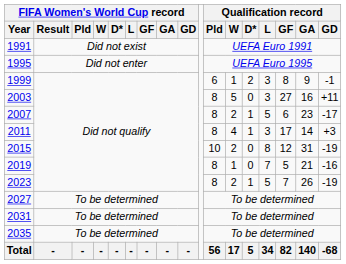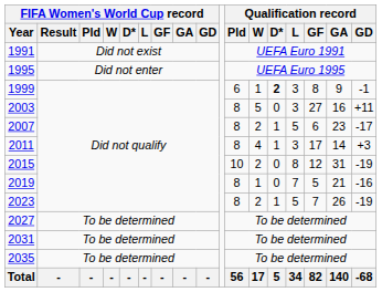 <table class="wikitable" style="text-align: center;">
 <tr>
 <th colspan=9><a href='#'>FIFA Women's World Cup</a> record</th>
 <td rowspan=15></td>
 <th colspan=7>Qualification record</th>
 </tr>
 <tr>
 <th>Year</th>
 <th>Result</th>
 <th>Pld</th>
 <th>W</th>
 <th>D*</th>
 <th>L</th>
 <th>GF</th>
 <th>GA</th>
 <th>GD<br></th>
 <th>Pld</th>
 <th>W</th>
 <th>D*</th>
 <th>L</th>
 <th>GF</th>
 <th>GA</th>
 <th>GD</th>
 </tr>
 <tr>
 <td> <a href='#'>1991</a></td>
 <td colspan=8><em>Did not exist</em></td>
 <td colspan=7><em><a href='#'>UEFA Euro 1991</a></em></td>
 </tr>
 <tr>
 <td> <a href='#'>1995</a></td>
 <td colspan=8><em>Did not enter</em></td>
 <td colspan=7><em><a href='#'>UEFA Euro 1995</a></em></td>
 </tr>
 <tr>
 <td> <a href='#'>1999</a></td>
 <td colspan=8 rowspan=7><em>Did not qualify</em></td>
 <td>6</td>
 <td>1</td>
-<td>2</td>
+<td><strong>2</strong></td>
 <td>3</td>
 <td>8</td>
 <td>9</td>
 <td>-1</td>
 </tr>
 <tr>
 <td> <a href='#'>2003</a></td>
 <td>8</td>
 <td>5</td>
 <td>0</td>
 <td>3</td>
 <td>27</td>
 <td>16</td>
 <td>+11</td>
 </tr>
 <tr>
 <td> <a href='#'>2007</a></td>
 <td>8</td>
 <td>2</td>
 <td>1</td>
 <td>5</td>
 <td>6</td>
 <td>23</td>
 <td>-17</td>
 </tr>
 <tr>
 <td> <a href='#'>2011</a></td>
 <td>8</td>
 <td>4</td>
 <td>1</td>
 <td>3</td>
 <td>17</td>
 <td>14</td>
 <td>+3</td>
 </tr>
 <tr>
 <td> <a href='#'>2015</a></td>
 <td>10</td>
 <td>2</td>
 <td>0</td>
 <td>8</td>
 <td>12</td>
 <td>31</td>
 <td>-19</td>
 </tr>
 <tr>
 <td> <a href='#'>2019</a></td>
 <td>8</td>
 <td>1</td>
 <td>0</td>
 <td>7</td>
 <td>5</td>
 <td>21</td>
 <td>-16</td>
 </tr>
 <tr>
 <td> <a href='#'>2023</a></td>
 <td>8</td>
 <td>2</td>
 <td>1</td>
 <td>5</td>
 <td>7</td>
 <td>26</td>
 <td>-19</td>
 </tr>
 <tr>
 <td> <a href='#'>2027</a></td>
 <td colspan=8><em>To be determined</em></td>
 <td colspan=7><em>To be determined</em></td>
 </tr>
 <tr>
 <td> <a href='#'>2031</a></td>
 <td colspan=8><em>To be determined</em></td>
 <td colspan=7><em>To be determined</em></td>
 </tr>
 <tr>
 <td> <a href='#'>2035</a></td>
 <td colspan=8><em>To be determined</em></td>
 <td colspan=7><em>To be determined</em></td>
 </tr>
 <tr>
 <th>Total</th>
 <th>-</th>
 <th>-</th>
 <th>-</th>
 <th>-</th>
 <th>-</th>
 <th>-</th>
 <th>-</th>
 <th>-</th>
 <th>56</th>
 <th>17</th>
 <th>5</th>
 <th>34</th>
 <th>82</th>
 <th>140</th>
 <th>-68</th>
 </tr>
 </table>
